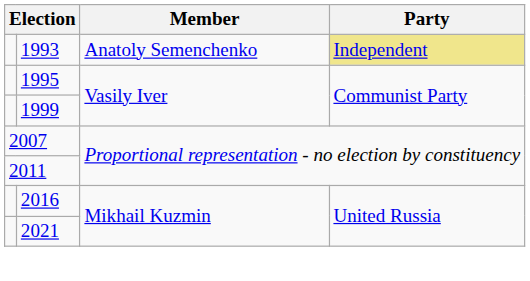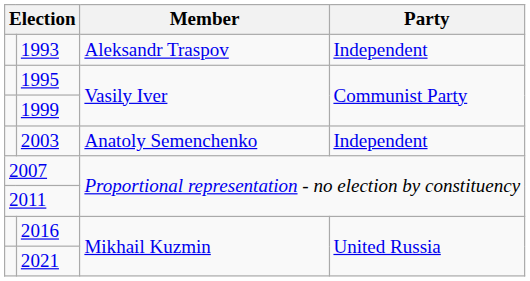 <table class="wikitable">
 <tr>
 <th colspan="2">Election</th>
 <th>Member</th>
 <th>Party</th>
 </tr>
 <tr>
 <td style="background-color:"></td>
 <td><a href='#'>1993</a></td>
-<td><a href='#'>Anatoly Semenchenko</a></td>
-<td style="background: khaki;"><a href='#'>Independent</a></td>
+<td><a href='#'>Aleksandr Traspov</a></td>
+<td><a href='#'>Independent</a></td>
 </tr>
 <tr>
 <td style="background-color:"></td>
 <td><a href='#'>1995</a></td>
 <td rowspan=2><a href='#'>Vasily Iver</a></td>
 <td rowspan=2><a href='#'>Communist Party</a></td>
 </tr>
 <tr>
 <td style="background-color:"></td>
 <td><a href='#'>1999</a></td>
+</tr>
+<tr>
+<td style="background-color:"></td>
+<td><a href='#'>2003</a></td>
+<td><a href='#'>Anatoly Semenchenko</a></td>
+<td><a href='#'>Independent</a></td>
 </tr>
 <tr>
 <td colspan=2><a href='#'>2007</a></td>
 <td colspan=2 rowspan=2><em><a href='#'>Proportional representation</a> - no election by constituency</em></td>
 </tr>
 <tr>
 <td colspan=2><a href='#'>2011</a></td>
 </tr>
 <tr>
 <td style="background-color: "></td>
 <td><a href='#'>2016</a></td>
 <td rowspan=2><a href='#'>Mikhail Kuzmin</a></td>
 <td rowspan=2><a href='#'>United Russia</a></td>
 </tr>
 <tr>
 <td style="background-color: "></td>
 <td><a href='#'>2021</a></td>
 </tr>
 </table>
